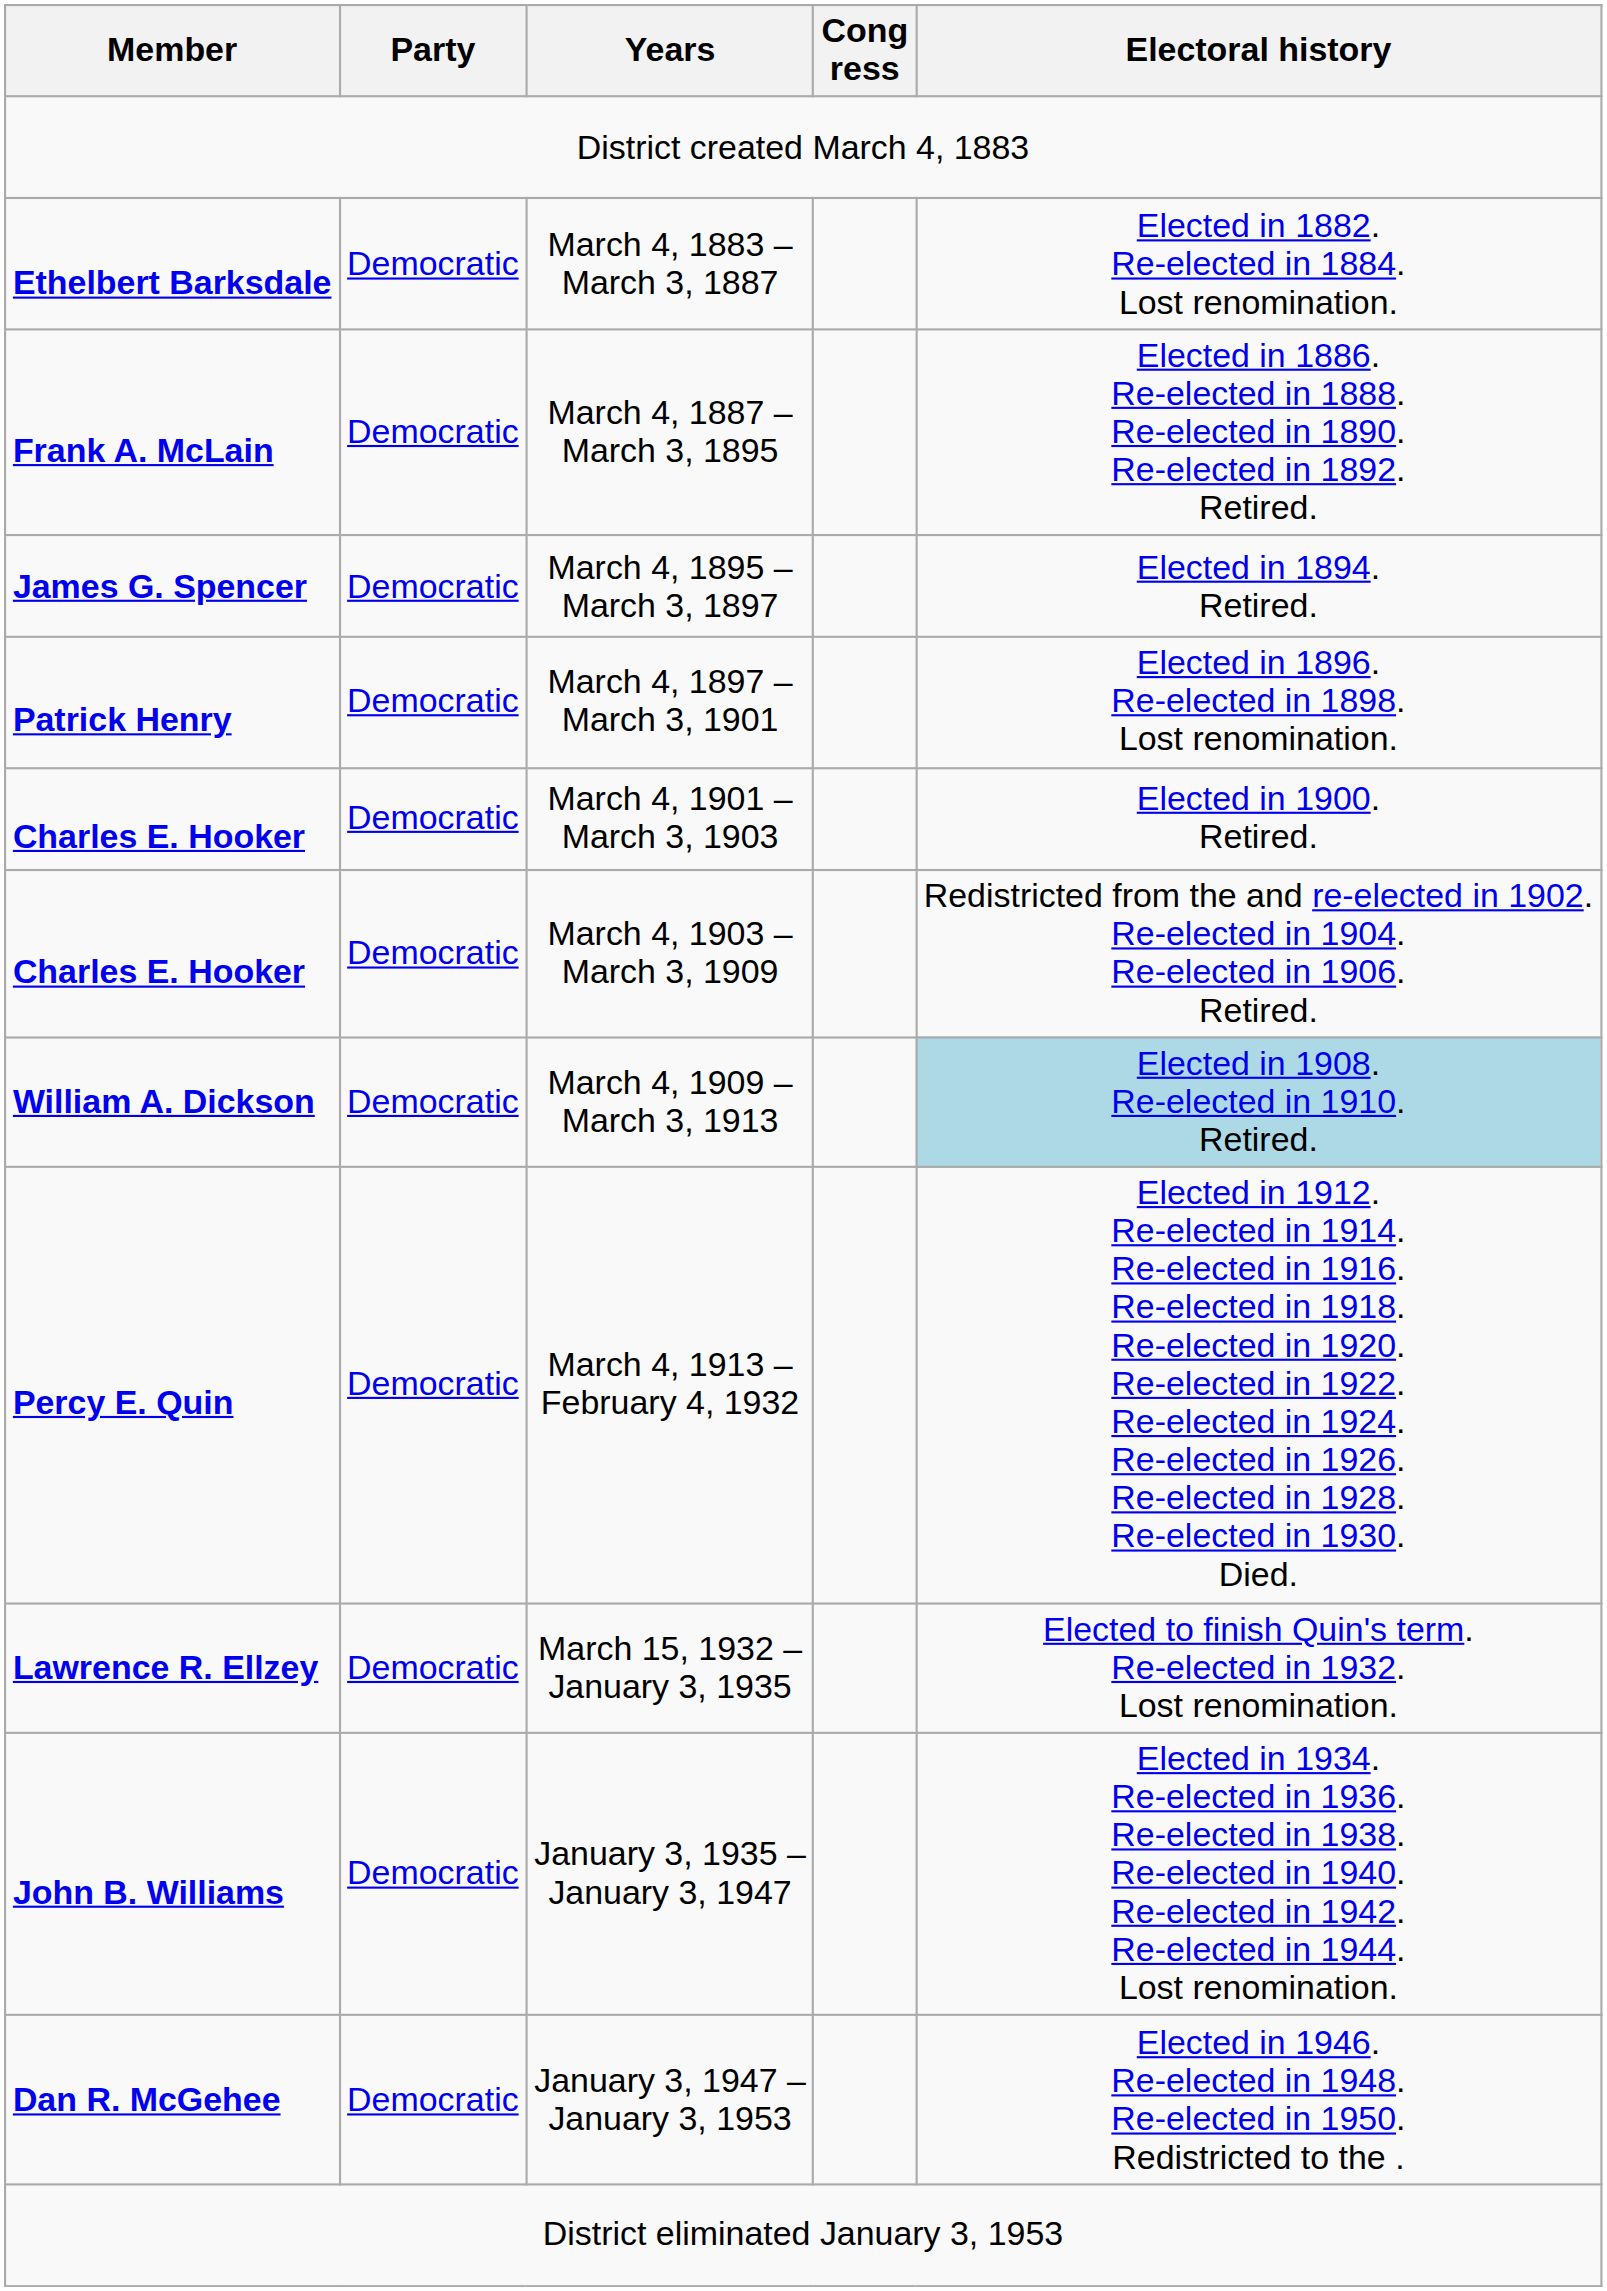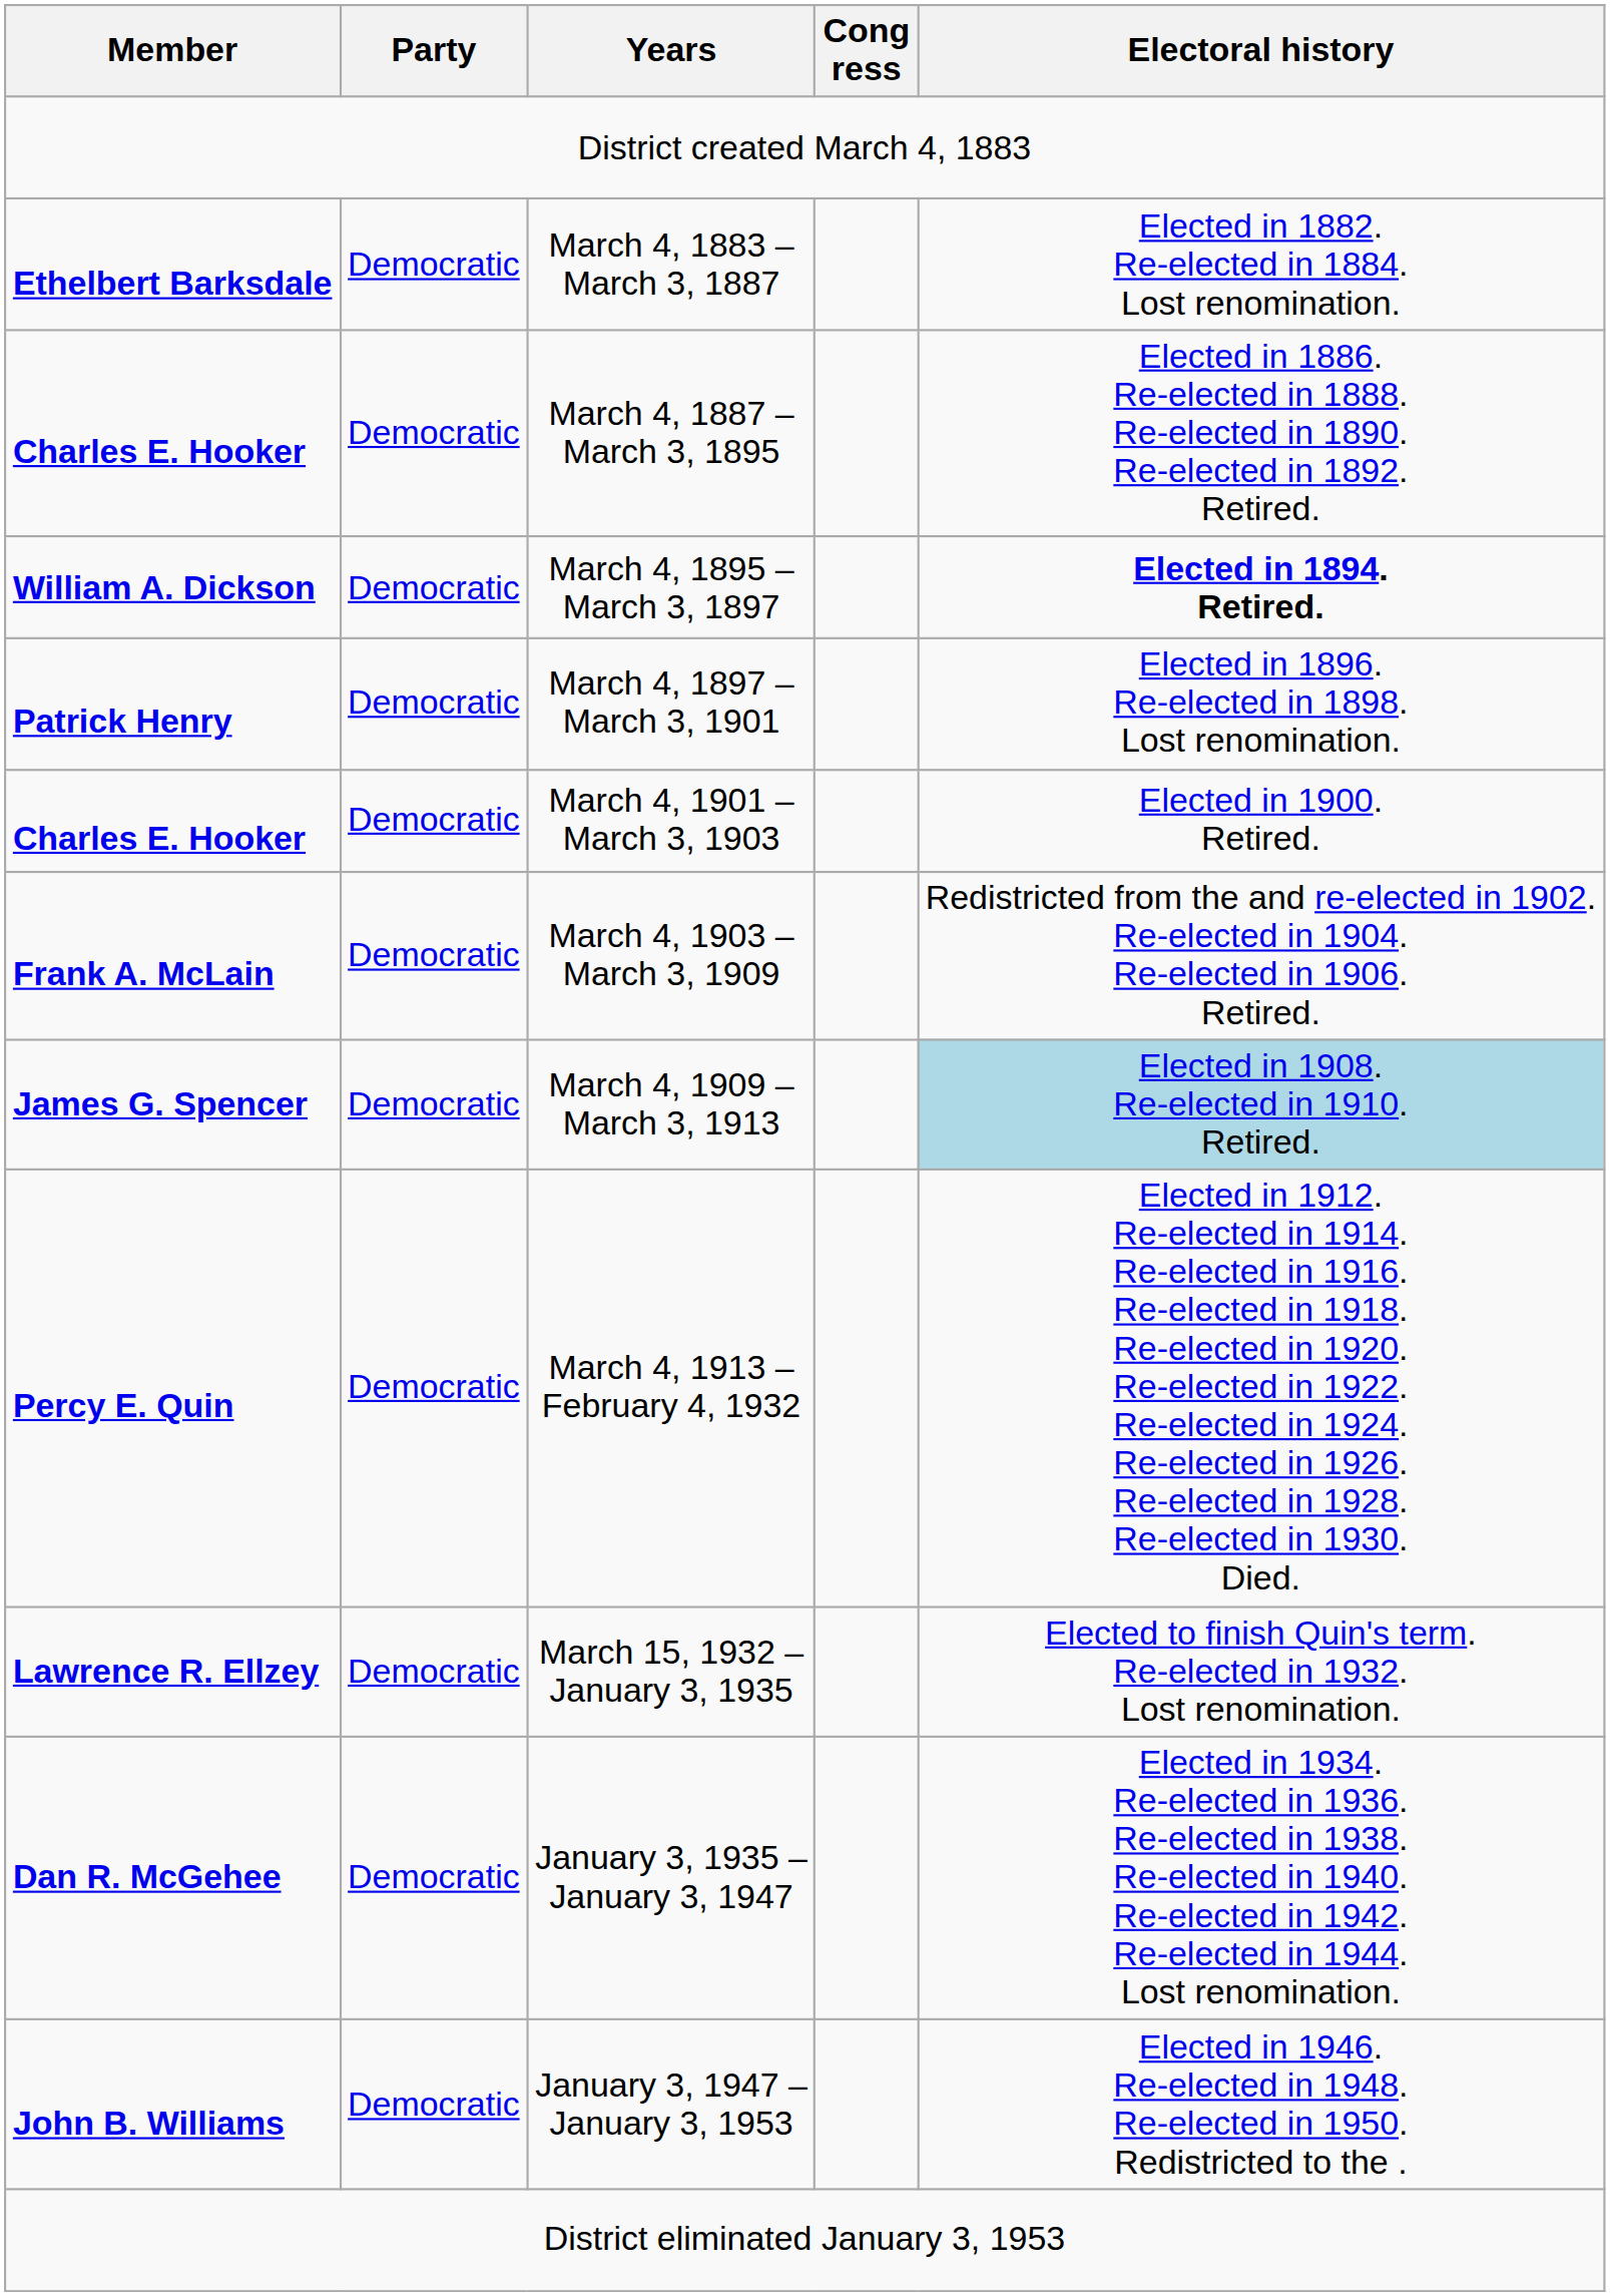 <table class=wikitable style="text-align:center">
 <tr>
 <th>Member</th>
 <th>Party</th>
 <th>Years</th>
 <th>Cong<br>ress</th>
 <th>Electoral history</th>
 </tr>
 <tr style="height:3em">
 <td colspan=7>District created March 4, 1883</td>
 </tr>
 <tr style="height:3em">
 <td align=left><br><strong><a href='#'>Ethelbert Barksdale</a></strong><br></td>
 <td><a href='#'>Democratic</a></td>
 <td nowrap>March 4, 1883 –<br>March 3, 1887</td>
 <td></td>
 <td><a href='#'>Elected in 1882</a>.<br><a href='#'>Re-elected in 1884</a>.<br>Lost renomination.</td>
 </tr>
 <tr style="height:3em">
-<td align=left><br><strong><a href='#'>Frank A. McLain</a></strong><br></td>
+<td align=left><br><strong><a href='#'>Charles E. Hooker</a></strong><br></td>
 <td><a href='#'>Democratic</a></td>
 <td nowrap>March 4, 1887 –<br>March 3, 1895</td>
 <td></td>
 <td><a href='#'>Elected in 1886</a>.<br><a href='#'>Re-elected in 1888</a>.<br><a href='#'>Re-elected in 1890</a>.<br><a href='#'>Re-elected in 1892</a>.<br>Retired.</td>
 </tr>
 <tr style="height:3em">
-<td align=left><strong><a href='#'>James G. Spencer</a></strong><br></td>
+<td align=left><strong><a href='#'>William A. Dickson</a></strong><br></td>
 <td><a href='#'>Democratic</a></td>
 <td nowrap>March 4, 1895 –<br>March 3, 1897</td>
 <td></td>
-<td><a href='#'>Elected in 1894</a>.<br>Retired.</td>
+<td><strong><a href='#'>Elected in 1894</a>.<br>Retired.</strong></td>
 </tr>
 <tr style="height:3em">
 <td align=left><br><strong><a href='#'>Patrick Henry</a></strong><br></td>
 <td><a href='#'>Democratic</a></td>
 <td nowrap>March 4, 1897 –<br>March 3, 1901</td>
 <td></td>
 <td><a href='#'>Elected in 1896</a>.<br><a href='#'>Re-elected in 1898</a>.<br>Lost renomination.</td>
 </tr>
 <tr style="height:3em">
 <td align=left><br><strong><a href='#'>Charles E. Hooker</a></strong><br></td>
 <td><a href='#'>Democratic</a></td>
 <td nowrap>March 4, 1901 –<br>March 3, 1903</td>
 <td></td>
 <td><a href='#'>Elected in 1900</a>.<br>Retired.</td>
 </tr>
 <tr style="height:3em">
-<td align=left><br><strong><a href='#'>Charles E. Hooker</a></strong><br></td>
+<td align=left><br><strong><a href='#'>Frank A. McLain</a></strong><br></td>
 <td><a href='#'>Democratic</a></td>
 <td nowrap>March 4, 1903 –<br>March 3, 1909</td>
 <td></td>
 <td>Redistricted from the  and <a href='#'>re-elected in 1902</a>.<br><a href='#'>Re-elected in 1904</a>.<br><a href='#'>Re-elected in 1906</a>.<br>Retired.</td>
 </tr>
 <tr style="height:3em">
-<td align=left><strong><a href='#'>William A. Dickson</a></strong><br></td>
+<td align=left><strong><a href='#'>James G. Spencer</a></strong><br></td>
 <td><a href='#'>Democratic</a></td>
 <td nowrap>March 4, 1909 –<br>March 3, 1913</td>
 <td></td>
 <td style="background: lightblue;"><a href='#'>Elected in 1908</a>.<br><a href='#'>Re-elected in 1910</a>.<br>Retired.</td>
 </tr>
 <tr style="height:3em">
 <td align=left><br><strong><a href='#'>Percy E. Quin</a></strong><br></td>
 <td><a href='#'>Democratic</a></td>
 <td nowrap>March 4, 1913 –<br>February 4, 1932</td>
 <td></td>
 <td><a href='#'>Elected in 1912</a>.<br><a href='#'>Re-elected in 1914</a>.<br><a href='#'>Re-elected in 1916</a>.<br><a href='#'>Re-elected in 1918</a>.<br><a href='#'>Re-elected in 1920</a>.<br><a href='#'>Re-elected in 1922</a>.<br><a href='#'>Re-elected in 1924</a>.<br><a href='#'>Re-elected in 1926</a>.<br><a href='#'>Re-elected in 1928</a>.<br><a href='#'>Re-elected in 1930</a>.<br>Died.</td>
 </tr>
 <tr style="height:3em">
 <td align=left><strong><a href='#'>Lawrence R. Ellzey</a></strong><br></td>
 <td><a href='#'>Democratic</a></td>
 <td nowrap>March 15, 1932 –<br>January 3, 1935</td>
 <td></td>
 <td><a href='#'>Elected to finish Quin's term</a>.<br><a href='#'>Re-elected in 1932</a>.<br>Lost renomination.</td>
 </tr>
 <tr style="height:3em">
-<td align=left><br><strong><a href='#'>John B. Williams</a></strong><br></td>
+<td align=left><strong><a href='#'>Dan R. McGehee</a></strong><br></td>
 <td><a href='#'>Democratic</a></td>
 <td nowrap>January 3, 1935 –<br>January 3, 1947</td>
 <td></td>
 <td><a href='#'>Elected in 1934</a>.<br><a href='#'>Re-elected in 1936</a>.<br><a href='#'>Re-elected in 1938</a>.<br><a href='#'>Re-elected in 1940</a>.<br><a href='#'>Re-elected in 1942</a>.<br><a href='#'>Re-elected in 1944</a>.<br>Lost renomination.</td>
 </tr>
 <tr style="height:3em">
-<td align=left><strong><a href='#'>Dan R. McGehee</a></strong><br></td>
+<td align=left><br><strong><a href='#'>John B. Williams</a></strong><br></td>
 <td><a href='#'>Democratic</a></td>
 <td nowrap>January 3, 1947 –<br>January 3, 1953</td>
 <td></td>
 <td><a href='#'>Elected in 1946</a>.<br><a href='#'>Re-elected in 1948</a>.<br><a href='#'>Re-elected in 1950</a>.<br>Redistricted to the .</td>
 </tr>
 <tr style="height:3em">
 <td colspan=7>District eliminated January 3, 1953</td>
 </tr>
 </table>
